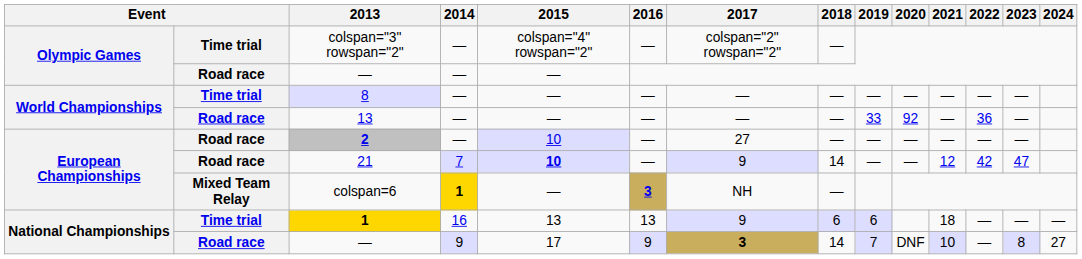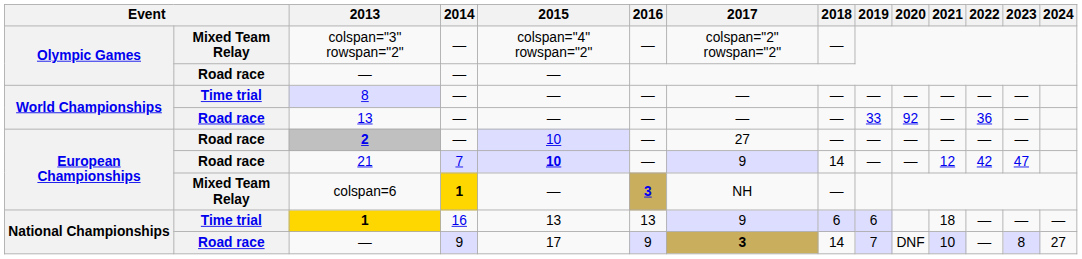 <table class="wikitable plainrowheaders">
 <tr>
 <th scope="col" colspan=2>Event</th>
 <th scope="col">2013</th>
 <th scope="col">2014</th>
 <th scope="col">2015</th>
 <th scope="col">2016</th>
 <th scope="col">2017</th>
 <th scope="col">2018</th>
 <th scope="col">2019</th>
 <th scope="col">2020</th>
 <th scope="col">2021</th>
 <th scope="col">2022</th>
 <th scope="col">2023</th>
 <th scope="col">2024</th>
 </tr>
 <tr style="text-align:center;">
 <th scope="row" rowspan=2> <a href='#'>Olympic Games</a></th>
-<th scope="row">Time trial</th>
+<th scope="row">Mixed Team Relay</th>
 <td>colspan="3" rowspan="2" </td>
 <td>—</td>
 <td>colspan="4" rowspan="2" </td>
 <td>—</td>
 <td>colspan="2" rowspan="2" </td>
 <td>—</td>
 </tr>
 <tr style="text-align:center;">
 <th scope="row">Road race</th>
 <td>—</td>
 <td>—</td>
 <td>—</td>
 </tr>
 <tr style="text-align:center;">
 <th scope="row" rowspan=2> <a href='#'>World Championships</a></th>
 <th scope="row"><a href='#'>Time trial</a></th>
 <td style="background:#ddf;"><a href='#'>8</a></td>
 <td>—</td>
 <td>—</td>
 <td>—</td>
 <td>—</td>
 <td>—</td>
 <td>—</td>
 <td>—</td>
 <td>—</td>
 <td>—</td>
 <td>—</td>
 <td></td>
 </tr>
 <tr style="text-align:center;">
 <th scope="row"><a href='#'>Road race</a></th>
 <td><a href='#'>13</a></td>
 <td>—</td>
 <td>—</td>
 <td>—</td>
 <td>—</td>
 <td>—</td>
 <td><a href='#'>33</a></td>
 <td><a href='#'>92</a></td>
 <td>—</td>
 <td><a href='#'>36</a></td>
 <td>—</td>
 <td></td>
 </tr>
 <tr style="text-align:center;">
 <th scope="row" rowspan=3> <a href='#'>European Championships</a></th>
 <th scope="row">Road race</th>
 <th style="background:silver;"><a href='#'>2</a></th>
 <td>—</td>
 <td style="background:#ddf;"><a href='#'>10</a></td>
 <td>—</td>
 <td>27</td>
 <td>—</td>
 <td>—</td>
 <td>—</td>
 <td>—</td>
 <td>—</td>
 <td>—</td>
 <td></td>
 </tr>
 <tr style="text-align:center;">
 <th scope="row">Road race</th>
 <td><a href='#'>21</a></td>
 <td style="background:#ddf;"><a href='#'>7</a></td>
 <td style="background:#ddf;"><strong><a href='#'>10</a></strong></td>
 <td>—</td>
 <td style="background:#ddf;">9</td>
 <td>14</td>
 <td>—</td>
 <td>—</td>
 <td><a href='#'>12</a></td>
 <td><a href='#'>42</a></td>
 <td><a href='#'>47</a></td>
 <td></td>
 </tr>
 <tr style="text-align:center;">
 <th scope="row">Mixed Team Relay</th>
 <td>colspan=6 </td>
 <td style="background:gold;"><strong>1</strong></td>
 <td>—</td>
 <td style="background:#C9AE5D;"><a href='#'><strong>3</strong></a></td>
 <td>NH</td>
 <td>—</td>
 <td></td>
 </tr>
 <tr style="text-align:center;">
 <th scope="row" rowspan=2> National Championships</th>
 <th scope="row"><a href='#'>Time trial</a></th>
 <th style="background:gold;">1</th>
 <td><a href='#'>16</a></td>
 <td>13</td>
 <td>13</td>
 <td style="background:#ddf;">9</td>
 <td style="background:#ddf;">6</td>
 <td style="background:#ddf;">6</td>
 <td></td>
 <td>18</td>
 <td>—</td>
 <td>—</td>
 <td>—</td>
 </tr>
 <tr style="text-align:center;">
 <th scope="row"><a href='#'>Road race</a></th>
 <td>—</td>
 <td style="background:#ddf;">9</td>
 <td>17</td>
 <td style="background:#ddf;">9</td>
 <th style="background:#C9AE5D;">3</th>
 <td>14</td>
 <td style="background:#ddf;">7</td>
 <td>DNF</td>
 <td style="background:#ddf;">10</td>
 <td>—</td>
 <td style="background:#ddf;">8</td>
 <td>27</td>
 </tr>
 </table>
